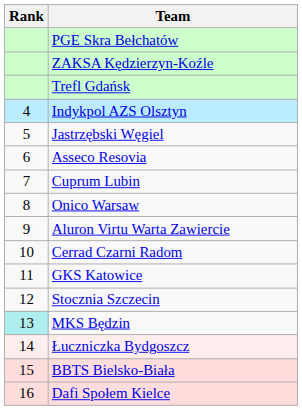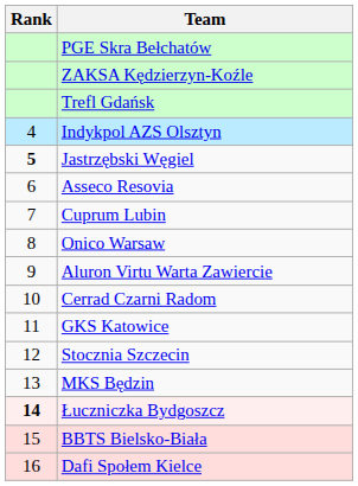 <table class="wikitable" style="white-space: nowrap; width:25%;">
 <tr>
 <th width=15%>Rank</th>
 <th>Team</th>
 </tr>
 <tr bgcolor=#CCFFCC>
 <td style="text-align:center;"></td>
 <td><a href='#'>PGE Skra Bełchatów</a></td>
 </tr>
 <tr bgcolor=#CCFFCC>
 <td style="text-align:center;"></td>
 <td><a href='#'>ZAKSA Kędzierzyn-Koźle</a></td>
 </tr>
 <tr bgcolor=#CCFFCC>
 <td style="text-align:center;"></td>
 <td><a href='#'>Trefl Gdańsk</a></td>
 </tr>
 <tr bgcolor=#BBEBFF>
 <td style="text-align:center;">4</td>
 <td><a href='#'>Indykpol AZS Olsztyn</a></td>
 </tr>
 <tr>
-<td style="text-align:center;">5</td>
+<td style="text-align:center;"><strong>5</strong></td>
 <td><a href='#'>Jastrzębski Węgiel</a></td>
 </tr>
 <tr>
 <td style="text-align:center;">6</td>
 <td><a href='#'>Asseco Resovia</a></td>
 </tr>
 <tr>
 <td style="text-align:center;">7</td>
 <td><a href='#'>Cuprum Lubin</a></td>
 </tr>
 <tr>
 <td style="text-align:center;">8</td>
 <td><a href='#'>Onico Warsaw</a></td>
 </tr>
 <tr>
 <td style="text-align:center;">9</td>
 <td><a href='#'>Aluron Virtu Warta Zawiercie</a></td>
 </tr>
 <tr>
 <td style="text-align:center;">10</td>
 <td><a href='#'>Cerrad Czarni Radom</a></td>
 </tr>
 <tr>
 <td style="text-align:center;">11</td>
 <td><a href='#'>GKS Katowice</a></td>
 </tr>
 <tr>
 <td style="text-align:center;">12</td>
 <td><a href='#'>Stocznia Szczecin</a></td>
 </tr>
 <tr>
-<td style="background: paleturquoise; text-align:center;">13</td>
+<td style="text-align:center;">13</td>
 <td><a href='#'>MKS Będzin</a></td>
 </tr>
 <tr bgcolor=#FFEEEE>
-<td style="text-align:center;">14</td>
+<td style="text-align:center;"><strong>14</strong></td>
 <td><a href='#'>Łuczniczka Bydgoszcz</a></td>
 </tr>
 <tr bgcolor=#FFDDDD>
 <td style="text-align:center;">15</td>
 <td><a href='#'>BBTS Bielsko-Biała</a></td>
 </tr>
 <tr bgcolor=#FFDDDD>
 <td style="text-align:center;">16</td>
 <td><a href='#'>Dafi Społem Kielce</a></td>
 </tr>
 </table>
